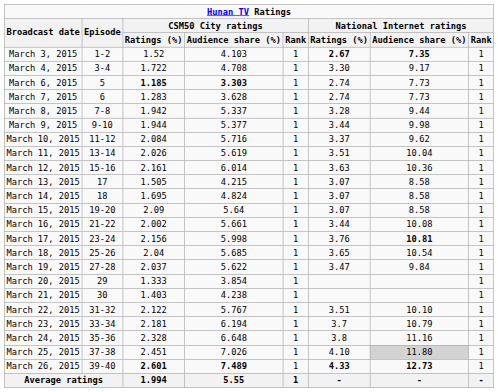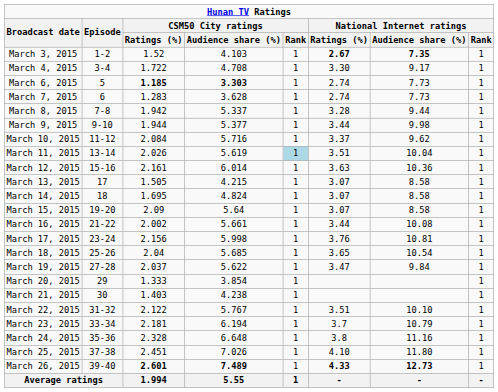 <table class="wikitable sortable mw-collapsible jquery-tablesorter" style="text-align:center">
 <tr>
 <td colspan="8"><strong><a href='#'>Hunan TV</a> Ratings</strong></td>
 </tr>
 <tr>
 <th rowspan="2">Broadcast date</th>
 <th rowspan="2">Episode</th>
 <th colspan="3"><strong>CSM50 City ratings</strong></th>
 <th colspan="3"><strong>National Internet ratings</strong></th>
 </tr>
 <tr>
 <th>Ratings (%)</th>
 <th>Audience share (%)</th>
 <th>Rank</th>
 <th>Ratings (%)</th>
 <th>Audience share (%)</th>
 <th>Rank</th>
 </tr>
 <tr>
 <td>March 3, 2015</td>
 <td>1-2</td>
 <td>1.52</td>
 <td>4.103</td>
 <td>1</td>
 <td><strong><span>2.67</span></strong></td>
 <td><strong><span>7.35</span></strong></td>
 <td>1</td>
 </tr>
 <tr>
 <td>March 4, 2015</td>
 <td>3-4</td>
 <td>1.722</td>
 <td>4.708</td>
 <td>1</td>
 <td>3.30</td>
 <td>9.17</td>
 <td>1</td>
 </tr>
 <tr>
 <td>March 6, 2015</td>
 <td>5</td>
 <td><strong><span>1.185</span></strong></td>
 <td><strong><span>3.303</span></strong></td>
 <td>1</td>
 <td>2.74</td>
 <td>7.73</td>
 <td>1</td>
 </tr>
 <tr>
 <td>March 7, 2015</td>
 <td>6</td>
 <td>1.283</td>
 <td>3.628</td>
 <td>1</td>
 <td>2.74</td>
 <td>7.73</td>
 <td>1</td>
 </tr>
 <tr>
 <td>March 8, 2015</td>
 <td>7-8</td>
 <td>1.942</td>
 <td>5.337</td>
 <td>1</td>
 <td>3.28</td>
 <td>9.44</td>
 <td>1</td>
 </tr>
 <tr>
 <td>March 9, 2015</td>
 <td>9-10</td>
 <td>1.944</td>
 <td>5.377</td>
 <td>1</td>
 <td>3.44</td>
 <td>9.98</td>
 <td>1</td>
 </tr>
 <tr>
 <td>March 10, 2015</td>
 <td>11-12</td>
 <td>2.084</td>
 <td>5.716</td>
 <td>1</td>
 <td>3.37</td>
 <td>9.62</td>
 <td>1</td>
 </tr>
 <tr>
 <td>March 11, 2015</td>
 <td>13-14</td>
 <td>2.026</td>
 <td>5.619</td>
-<td>1</td>
+<td style="background: lightblue;">1</td>
 <td>3.51</td>
 <td>10.04</td>
 <td>1</td>
 </tr>
 <tr>
 <td>March 12, 2015</td>
 <td>15-16</td>
 <td>2.161</td>
 <td>6.014</td>
 <td>1</td>
 <td>3.63</td>
 <td>10.36</td>
 <td>1</td>
 </tr>
 <tr>
 <td>March 13, 2015</td>
 <td>17</td>
 <td>1.505</td>
 <td>4.215</td>
 <td>1</td>
 <td>3.07</td>
 <td>8.58</td>
 <td>1</td>
 </tr>
 <tr>
 <td>March 14, 2015</td>
 <td>18</td>
 <td>1.695</td>
 <td>4.824</td>
 <td>1</td>
 <td>3.07</td>
 <td>8.58</td>
 <td>1</td>
 </tr>
 <tr>
 <td>March 15, 2015</td>
 <td>19-20</td>
 <td>2.09</td>
 <td>5.64</td>
 <td>1</td>
 <td>3.07</td>
 <td>8.58</td>
 <td>1</td>
 </tr>
 <tr>
 <td>March 16, 2015</td>
 <td>21-22</td>
 <td>2.002</td>
 <td>5.661</td>
 <td>1</td>
 <td>3.44</td>
 <td>10.08</td>
 <td>1</td>
 </tr>
 <tr>
 <td>March 17, 2015</td>
 <td>23-24</td>
 <td>2.156</td>
 <td>5.998</td>
 <td>1</td>
 <td>3.76</td>
-<td><strong>10.81</strong></td>
+<td>10.81</td>
 <td>1</td>
 </tr>
 <tr>
 <td>March 18, 2015</td>
 <td>25-26</td>
 <td>2.04</td>
 <td>5.685</td>
 <td>1</td>
 <td>3.65</td>
 <td>10.54</td>
 <td>1</td>
 </tr>
 <tr>
 <td>March 19, 2015</td>
 <td>27-28</td>
 <td>2.037</td>
 <td>5.622</td>
 <td>1</td>
 <td>3.47</td>
 <td>9.84</td>
 <td>1</td>
 </tr>
 <tr>
 <td>March 20, 2015</td>
 <td>29</td>
 <td>1.333</td>
 <td>3.854</td>
 <td>1</td>
 <td></td>
 <td></td>
 <td>1</td>
 </tr>
 <tr>
 <td>March 21, 2015</td>
 <td>30</td>
 <td>1.403</td>
 <td>4.238</td>
 <td>1</td>
 <td></td>
 <td></td>
 <td>1</td>
 </tr>
 <tr>
 <td>March 22, 2015</td>
 <td>31-32</td>
 <td>2.122</td>
 <td>5.767</td>
 <td>1</td>
 <td>3.51</td>
 <td>10.10</td>
 <td>1</td>
 </tr>
 <tr>
 <td>March 23, 2015</td>
 <td>33-34</td>
 <td>2.181</td>
 <td>6.194</td>
 <td>1</td>
 <td>3.7</td>
 <td>10.79</td>
 <td>1</td>
 </tr>
 <tr>
 <td>March 24, 2015</td>
 <td>35-36</td>
 <td>2.328</td>
 <td>6.648</td>
 <td>1</td>
 <td>3.8</td>
 <td>11.16</td>
 <td>1</td>
 </tr>
 <tr>
 <td>March 25, 2015</td>
 <td>37-38</td>
 <td>2.451</td>
 <td>7.026</td>
 <td>1</td>
 <td>4.10</td>
-<td style="background: lightgrey;">11.80</td>
+<td>11.80</td>
 <td>1</td>
 </tr>
 <tr>
 <td>March 26, 2015</td>
 <td>39-40</td>
 <td><strong><span>2.601</span></strong></td>
 <td><strong><span>7.489</span></strong></td>
 <td>1</td>
 <td><strong><span>4.33</span></strong></td>
 <td><strong><span>12.73</span></strong></td>
 <td>1</td>
 </tr>
 <tr>
 <th colspan="2"><strong>Average ratings</strong></th>
 <th><strong>1.994</strong></th>
 <th><strong>5.55</strong></th>
 <th><strong>1</strong></th>
 <th><strong>-</strong></th>
 <th><strong>-</strong></th>
 <th><strong>-</strong></th>
 </tr>
 </table>
